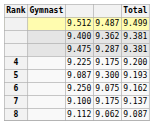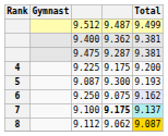 <table class="wikitable sortable" style="text-align:center; font-size:95%">
 <tr>
 <th scope=col>Rank</th>
 <th scope=col>Gymnast</th>
 <th scope=col></th>
 <th scope=col></th>
 <th scope=col>Total</th>
 </tr>
 <tr bgcolor=fffcaf>
 <th scope=row style="text-align:center"></th>
 <td align=left></td>
 <td>9.512</td>
 <td>9.487</td>
 <td>9.499</td>
 </tr>
 <tr bgcolor=e5e5e5>
 <th scope=row style="text-align:center"></th>
 <td align=left></td>
 <td>9.400</td>
 <td>9.362</td>
 <td>9.381</td>
 </tr>
 <tr bgcolor=e5e5e5>
 <th scope=row style="text-align:center"></th>
 <td align=left></td>
 <td>9.475</td>
 <td>9.287</td>
 <td>9.381</td>
 </tr>
 <tr>
 <th scope=row style="text-align:center">4</th>
 <td align=left></td>
 <td>9.225</td>
 <td>9.175</td>
 <td>9.200</td>
 </tr>
 <tr>
 <th scope=row style="text-align:center">5</th>
 <td align=left></td>
 <td>9.087</td>
 <td>9.300</td>
 <td>9.193</td>
 </tr>
 <tr>
 <th scope=row style="text-align:center">6</th>
 <td align=left></td>
 <td>9.250</td>
 <td>9.075</td>
-<td>9.162</td>
+<td style="background: lavender;">9.162</td>
 </tr>
 <tr>
 <th scope=row style="text-align:center">7</th>
 <td align=left></td>
 <td>9.100</td>
-<td>9.175</td>
-<td>9.137</td>
+<td><strong>9.175</strong></td>
+<td style="background: paleturquoise;">9.137</td>
 </tr>
 <tr>
 <th scope=row style="text-align:center">8</th>
 <td align=left></td>
 <td>9.112</td>
 <td>9.062</td>
-<td>9.087</td>
+<td style="background: gold;">9.087</td>
 </tr>
 <tr>
 </tr>
 </table>
